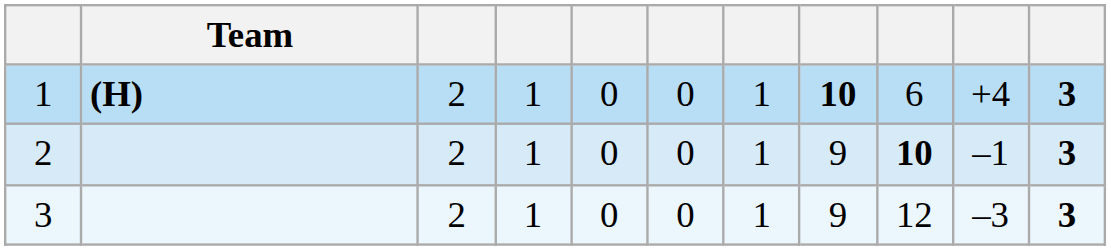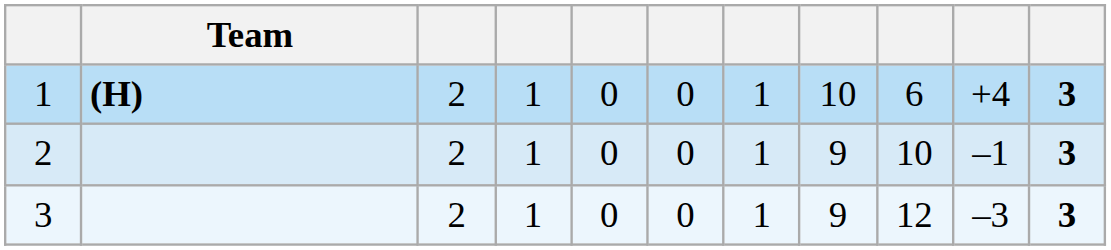 <table class="wikitable" style="text-align: center; font-size: 97%;">
 <tr>
 <th width="25"></th>
 <th width="135">Team</th>
 <th width="25"></th>
 <th width="25"></th>
 <th width="25"></th>
 <th width="25"></th>
 <th width="25"></th>
 <th width="25"></th>
 <th width="25"></th>
 <th width="25"></th>
 <th width="25"></th>
 </tr>
 <tr style="background-color: #b8def6;">
 <td>1</td>
 <td align=left> <strong>(H)</strong></td>
 <td>2</td>
 <td>1</td>
 <td>0</td>
 <td>0</td>
 <td>1</td>
-<td><strong>10</strong></td>
+<td>10</td>
 <td>6</td>
 <td>+4</td>
 <td><strong>3</strong></td>
 </tr>
 <tr style="background-color: #d7eaf7;">
 <td>2</td>
 <td align=left></td>
 <td>2</td>
 <td>1</td>
 <td>0</td>
 <td>0</td>
 <td>1</td>
 <td>9</td>
-<td><strong>10</strong></td>
+<td>10</td>
 <td>–1</td>
 <td><strong>3</strong></td>
 </tr>
 <tr style="background-color: #ecf6fd;">
 <td>3</td>
 <td align=left></td>
 <td>2</td>
 <td>1</td>
 <td>0</td>
 <td>0</td>
 <td>1</td>
 <td>9</td>
 <td>12</td>
 <td>–3</td>
 <td><strong>3</strong></td>
 </tr>
 </table>
